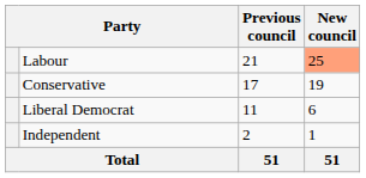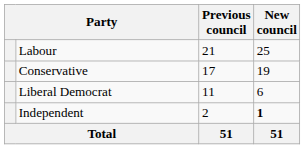 <table class="wikitable">
 <tr>
 <th valign=centre colspan="2" style="width: 230px">Party</th>
 <th valign=top style="width: 30px">Previous council</th>
 <th valign=top style="width: 30px">New council</th>
 </tr>
 <tr>
 <th style="background-color: "></th>
 <td>Labour</td>
 <td>21</td>
-<td style="background: lightsalmon;">25</td>
+<td>25</td>
 </tr>
 <tr>
 <th style="background-color: "></th>
 <td>Conservative</td>
 <td>17</td>
 <td>19</td>
 </tr>
 <tr>
 <th style="background-color: "></th>
 <td>Liberal Democrat</td>
 <td>11</td>
 <td>6</td>
 </tr>
 <tr>
 <th style="background-color: "></th>
 <td>Independent</td>
 <td>2</td>
-<td>1</td>
+<td><strong>1</strong></td>
 </tr>
 <tr>
 <th colspan=2>Total</th>
 <th style="text-align: center">51</th>
 <th colspan=3>51</th>
 </tr>
 </table>
